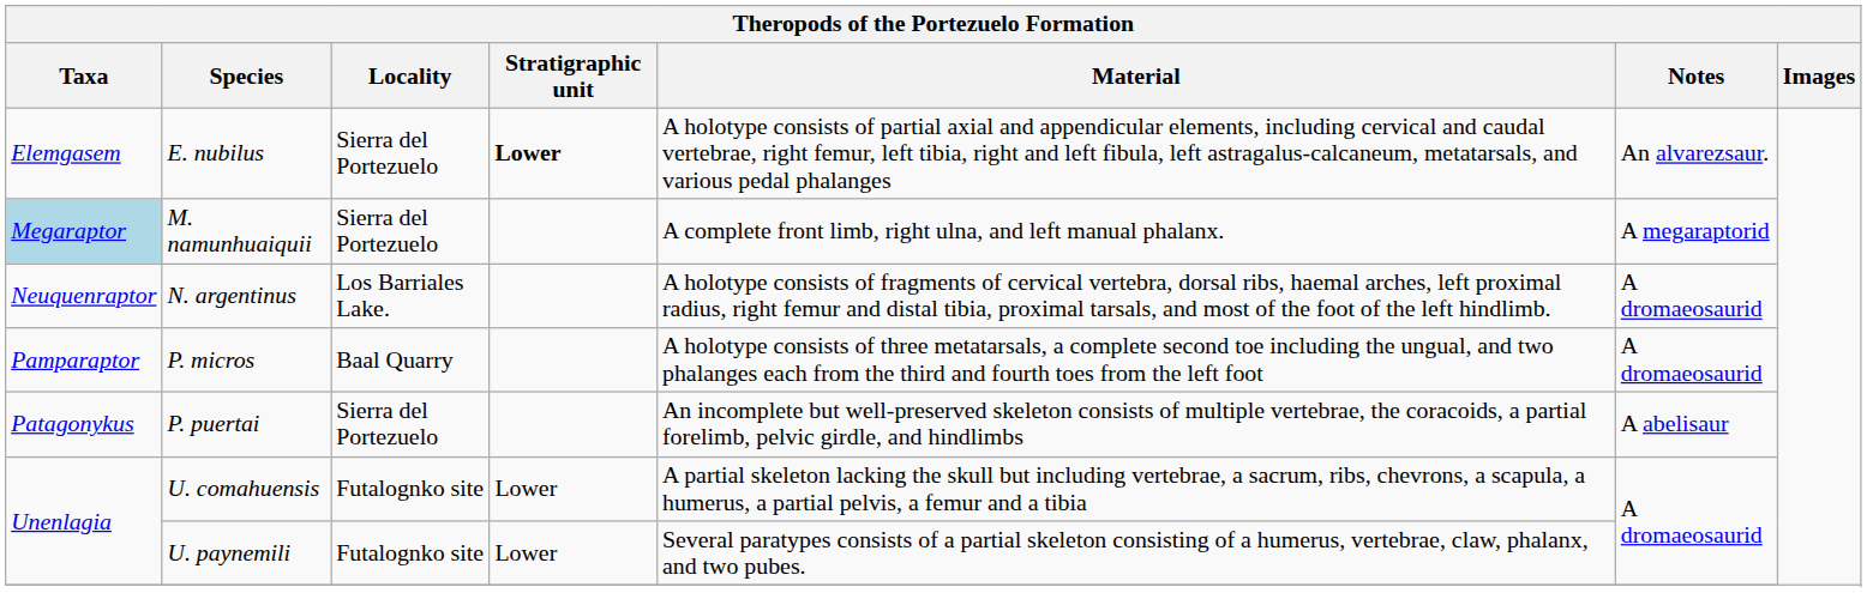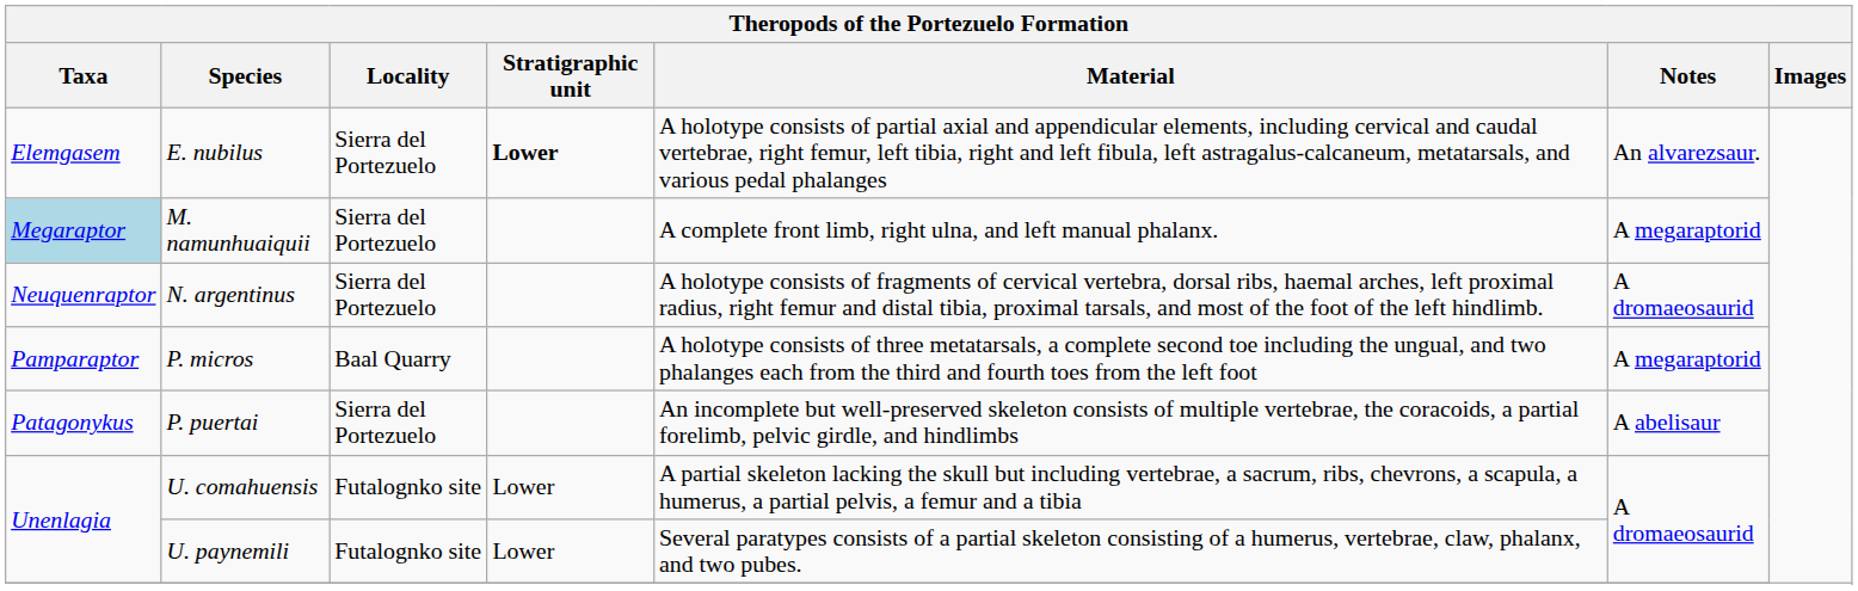 <table class="wikitable">
 <tr>
 <th colspan="7">Theropods of the Portezuelo Formation</th>
 </tr>
 <tr>
 <th>Taxa</th>
 <th>Species</th>
 <th>Locality</th>
 <th>Stratigraphic unit</th>
 <th>Material</th>
 <th>Notes</th>
 <th>Images</th>
 </tr>
 <tr>
 <td><em><a href='#'>Elemgasem</a></em></td>
 <td><em>E. nubilus</em></td>
 <td>Sierra del Portezuelo</td>
 <td><strong>Lower</strong></td>
 <td>A holotype consists of partial axial and appendicular elements, including cervical and caudal vertebrae, right femur, left tibia, right and left fibula, left astragalus-calcaneum, metatarsals, and various pedal phalanges</td>
 <td>An <a href='#'>alvarezsaur</a>.</td>
 <td rowspan = 100><br>   </td>
 </tr>
 <tr>
 <td style="background: lightblue;"><em><a href='#'>Megaraptor</a></em></td>
 <td><em>M. namunhuaiquii</em></td>
 <td>Sierra del Portezuelo</td>
 <td></td>
 <td>A complete front limb, right ulna, and left manual phalanx.</td>
 <td>A <a href='#'>megaraptorid</a></td>
 </tr>
 <tr>
 <td><em><a href='#'>Neuquenraptor</a></em></td>
 <td><em>N. argentinus</em></td>
-<td>Los Barriales Lake.</td>
+<td>Sierra del Portezuelo</td>
 <td></td>
 <td>A holotype consists of fragments of cervical vertebra, dorsal ribs, haemal arches, left proximal radius, right femur and distal tibia, proximal tarsals, and most of the foot of the left hindlimb.</td>
 <td>A <a href='#'>dromaeosaurid</a></td>
 </tr>
 <tr>
 <td><em><a href='#'>Pamparaptor</a></em> </td>
 <td><em>P. micros</em></td>
 <td>Baal Quarry</td>
 <td></td>
 <td>A holotype consists of three metatarsals, a complete second toe including the ungual, and two phalanges each from the third and fourth toes from the left foot</td>
-<td>A <a href='#'>dromaeosaurid</a></td>
+<td>A <a href='#'>megaraptorid</a></td>
 </tr>
 <tr>
 <td><em><a href='#'>Patagonykus</a></em></td>
 <td><em>P. puertai</em></td>
 <td>Sierra del Portezuelo</td>
 <td></td>
 <td>An incomplete but well-preserved skeleton consists of multiple vertebrae, the coracoids, a partial forelimb, pelvic girdle, and hindlimbs</td>
 <td>A <a href='#'>abelisaur</a></td>
 </tr>
 <tr>
 <td rowspan = 2><em><a href='#'>Unenlagia</a></em> </td>
 <td><em>U. comahuensis</em></td>
 <td>Futalognko site</td>
 <td>Lower</td>
 <td>A partial skeleton lacking the skull but including vertebrae, a sacrum, ribs, chevrons, a scapula, a humerus, a partial pelvis, a femur and a tibia</td>
 <td rowspan = 2>A <a href='#'>dromaeosaurid</a></td>
 </tr>
 <tr>
 <td><em>U. paynemili</em></td>
 <td>Futalognko site</td>
 <td>Lower</td>
 <td>Several paratypes consists of a partial skeleton consisting of a humerus, vertebrae, claw, phalanx, and two pubes.</td>
 </tr>
 <tr>
 </tr>
 </table>
